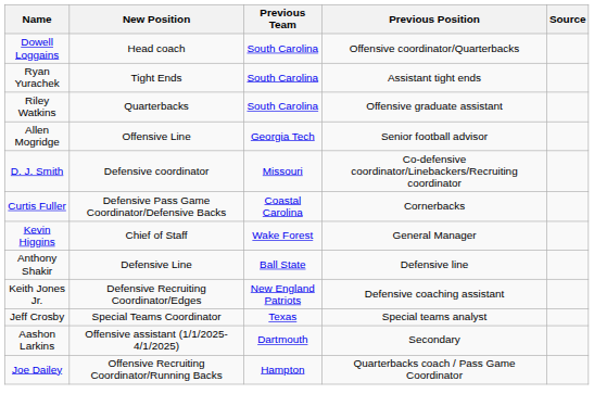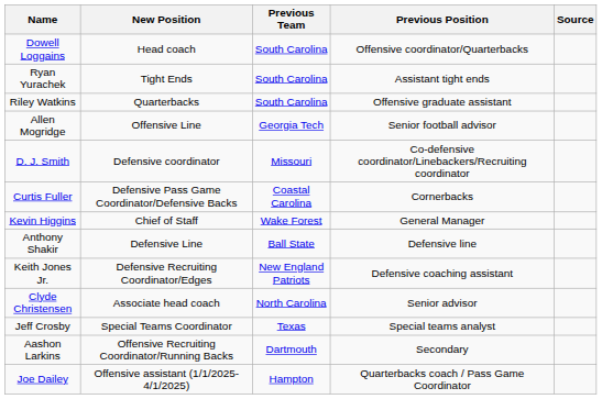 <table class="wikitable">
 <tr>
 <th style="text-align:center; ">Name</th>
 <th style="text-align:center; ">New Position</th>
 <th style="text-align:center; ">Previous Team</th>
 <th style="text-align:center; ">Previous Position</th>
 <th style="text-align:center; ">Source</th>
 </tr>
 <tr align="center">
 <td><a href='#'>Dowell Loggains</a></td>
 <td>Head coach</td>
 <td><a href='#'>South Carolina</a></td>
 <td>Offensive coordinator/Quarterbacks</td>
 <td></td>
 </tr>
 <tr align="center">
 <td>Ryan Yurachek</td>
 <td>Tight Ends</td>
 <td><a href='#'>South Carolina</a></td>
 <td>Assistant tight ends</td>
 <td></td>
 </tr>
 <tr align="center">
 <td>Riley Watkins</td>
 <td>Quarterbacks</td>
 <td><a href='#'>South Carolina</a></td>
 <td>Offensive graduate assistant</td>
 <td></td>
 </tr>
 <tr align="center">
 <td>Allen Mogridge</td>
 <td>Offensive Line</td>
 <td><a href='#'>Georgia Tech</a></td>
 <td>Senior football advisor</td>
 <td></td>
 </tr>
 <tr align="center">
 <td><a href='#'>D. J. Smith</a></td>
 <td>Defensive coordinator</td>
 <td><a href='#'>Missouri</a></td>
 <td>Co-defensive coordinator/Linebackers/Recruiting coordinator</td>
 <td></td>
 </tr>
 <tr align="center">
 <td><a href='#'>Curtis Fuller</a></td>
 <td>Defensive Pass Game Coordinator/Defensive Backs</td>
 <td><a href='#'>Coastal Carolina</a></td>
 <td>Cornerbacks</td>
 <td></td>
 </tr>
 <tr align="center">
 <td><a href='#'>Kevin Higgins</a></td>
 <td>Chief of Staff</td>
 <td><a href='#'>Wake Forest</a></td>
 <td>General Manager</td>
 <td></td>
 </tr>
 <tr align="center">
 <td>Anthony Shakir</td>
 <td>Defensive Line</td>
 <td><a href='#'>Ball State</a></td>
 <td>Defensive line</td>
 <td></td>
 </tr>
 <tr align="center">
 <td>Keith Jones Jr.</td>
 <td>Defensive Recruiting Coordinator/Edges</td>
 <td><a href='#'>New England Patriots</a></td>
 <td>Defensive coaching assistant</td>
 <td></td>
 </tr>
 <tr align="center">
+<td><a href='#'>Clyde Christensen</a></td>
+<td>Associate head coach</td>
+<td><a href='#'>North Carolina</a></td>
+<td>Senior advisor</td>
+<td></td>
+</tr>
+<tr align="center">
 <td>Jeff Crosby</td>
 <td>Special Teams Coordinator</td>
 <td><a href='#'>Texas</a></td>
 <td>Special teams analyst</td>
 <td></td>
 </tr>
 <tr align="center">
 <td>Aashon Larkins</td>
-<td>Offensive assistant (1/1/2025-4/1/2025)</td>
+<td>Offensive Recruiting Coordinator/Running Backs</td>
 <td><a href='#'>Dartmouth</a></td>
 <td>Secondary</td>
 <td></td>
 </tr>
 <tr align="center">
 <td><a href='#'>Joe Dailey</a></td>
-<td>Offensive Recruiting Coordinator/Running Backs</td>
+<td>Offensive assistant (1/1/2025-4/1/2025)</td>
 <td><a href='#'>Hampton</a></td>
 <td>Quarterbacks coach / Pass Game Coordinator</td>
 <td></td>
 </tr>
 </table>
